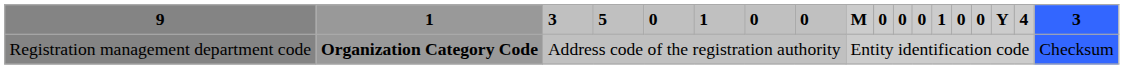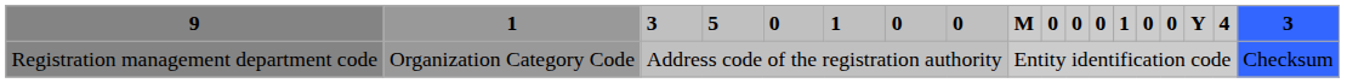 <table cellspacing="0" cellpadding="4" border="2" style="margin: 1em 1em 1em 0; background: #f9f9f9; border: 1px #aaa solid; border-collapse: collapse;">
 <tr>
 <td align="center" bgcolor="#848484"><span><strong>9</strong></span></td>
 <td align="center" bgcolor="#999999"><span><strong>1</strong></span></td>
 <td bgcolor="#C0C0C0"><span><strong>3</strong></span></td>
 <td bgcolor="#C0C0C0"><span><strong>5</strong></span></td>
 <td bgcolor="#C0C0C0"><span><strong>0</strong></span></td>
 <td bgcolor="#C0C0C0"><span><strong>1</strong></span></td>
 <td bgcolor="#C0C0C0"><span><strong>0</strong></span></td>
 <td bgcolor="#C0C0C0"><span><strong>0</strong></span></td>
 <td bgcolor="#CCCCCC"><span><strong>M</strong></span></td>
 <td bgcolor="#CCCCCC"><span><strong>0</strong></span></td>
 <td bgcolor="#CCCCCC"><span><strong>0</strong></span></td>
 <td bgcolor="#CCCCCC"><span><strong>0</strong></span></td>
 <td bgcolor="#CCCCCC"><span><strong>1</strong></span></td>
 <td bgcolor="#CCCCCC"><span><strong>0</strong></span></td>
 <td bgcolor="#CCCCCC"><span><strong>0</strong></span></td>
 <td bgcolor="#CCCCCC"><span><strong>Y</strong></span></td>
 <td bgcolor="#CCCCCC"><span><strong>4</strong></span></td>
 <td align="center" bgcolor="#3366FF"><span><strong>3</strong></span></td>
 </tr>
 <tr>
 <td colspan="1" bgcolor="#848484" align="center">Registration management department code</td>
-<td colspan="1" bgcolor="#999999" align="center"><strong>Organization Category Code</strong></td>
+<td colspan="1" bgcolor="#999999" align="center">Organization Category Code</td>
 <td colspan="6" bgcolor="#C0C0C0" align="center">Address code of the registration authority</td>
 <td colspan="9" bgcolor="#CCCCCC" align="center">Entity identification code</td>
 <td bgcolor="#3366FF" align="center">Checksum</td>
 </tr>
 </table>
